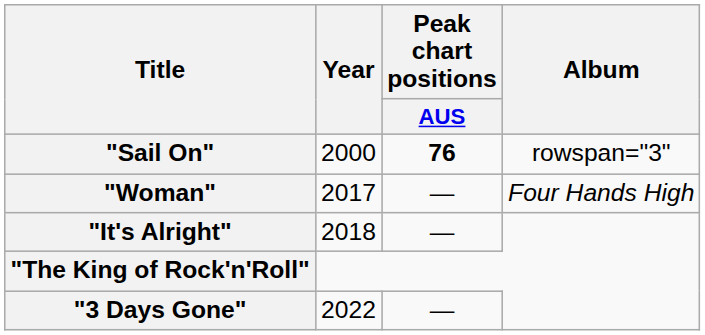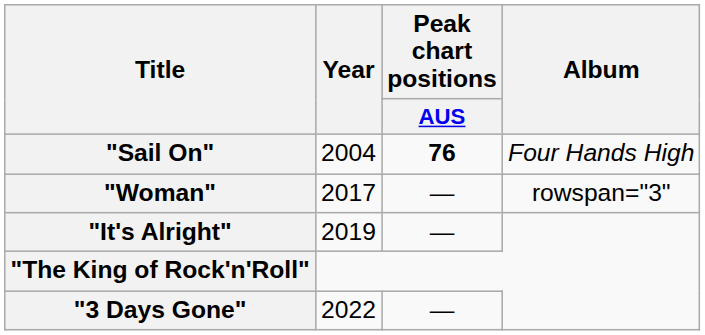 <table class="wikitable plainrowheaders" style="text-align:center;">
 <tr>
 <th scope="col" rowspan="2">Title</th>
 <th scope="col" rowspan="2">Year</th>
 <th scope="col" colspan="1">Peak chart positions</th>
 <th scope="col" rowspan="2">Album</th>
 </tr>
 <tr>
 <th scope="col" style="width:3em;font-size:90%;"><a href='#'>AUS</a><br></th>
 </tr>
 <tr>
 <th scope="row">"Sail On"</th>
-<td>2000</td>
+<td>2004</td>
 <td><strong>76</strong></td>
-<td>rowspan="3" </td>
+<td><em>Four Hands High</em></td>
 </tr>
 <tr>
 <th scope="row">"Woman"</th>
 <td>2017</td>
 <td>—</td>
-<td><em>Four Hands High</em></td>
+<td>rowspan="3" </td>
 </tr>
 <tr>
 <th scope="row">"It's Alright"</th>
-<td>2018</td>
+<td>2019</td>
 <td>—</td>
 </tr>
 <tr>
 <th scope="row">"The King of Rock'n'Roll"</th>
 </tr>
 <tr 2021>
 <th scope="row">"3 Days Gone"</th>
 <td>2022</td>
 <td>—</td>
 </tr>
 </table>
